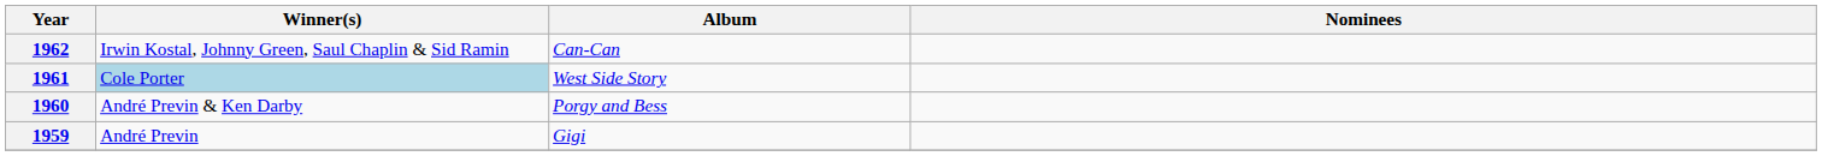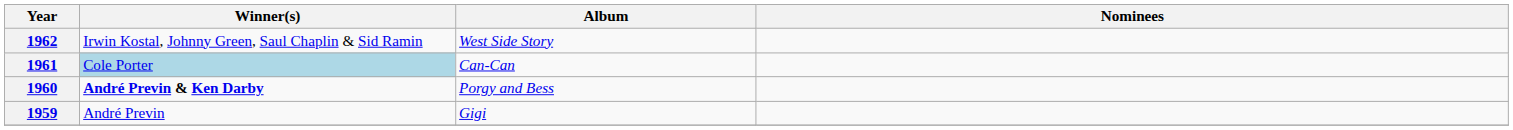 <table class="wikitable" style="width:100%">
 <tr>
 <th scope="col" bgcolor="#efefef" width=5%>Year</th>
 <th scope="col" bgcolor="#efefef" width=25%>Winner(s)</th>
 <th scope="col" bgcolor="#efefef" width=20%>Album</th>
 <th scope="col" bgcolor="#efefef" width=50%>Nominees</th>
 </tr>
 <tr>
 <th scope="row" style="text-align:center;"><a href='#'>1962</a></th>
 <td><a href='#'>Irwin Kostal</a>, <a href='#'>Johnny Green</a>, <a href='#'>Saul Chaplin</a> & <a href='#'>Sid Ramin</a></td>
-<td><em><a href='#'>Can-Can</a></em></td>
+<td><em><a href='#'>West Side Story</a></em></td>
 <td></td>
 </tr>
 <tr>
 <th scope="row" style="text-align:center;"><a href='#'>1961</a></th>
 <td style="background: lightblue;"><a href='#'>Cole Porter</a></td>
-<td><em><a href='#'>West Side Story</a></em></td>
+<td><em><a href='#'>Can-Can</a></em></td>
 <td></td>
 </tr>
 <tr>
 <th scope="row" style="text-align:center;"><a href='#'>1960</a></th>
-<td><a href='#'>André Previn</a> & <a href='#'>Ken Darby</a></td>
+<td><strong><a href='#'>André Previn</a> & <a href='#'>Ken Darby</a></strong></td>
 <td><em><a href='#'>Porgy and Bess</a></em></td>
 <td></td>
 </tr>
 <tr>
 <th scope="row" style="text-align:center;"><a href='#'>1959</a></th>
 <td><a href='#'>André Previn</a></td>
 <td><em><a href='#'>Gigi</a></em></td>
 <td></td>
 </tr>
 <tr>
 </tr>
 </table>
